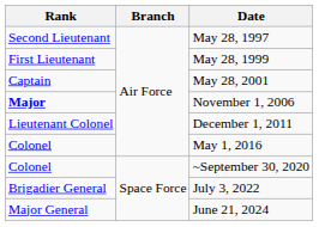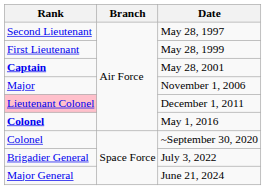 <table class="wikitable">
 <tr>
 <th>Rank</th>
 <th>Branch</th>
 <th>Date</th>
 </tr>
 <tr>
 <td> <a href='#'>Second Lieutenant</a></td>
 <td rowspan=6>Air Force</td>
 <td>May 28, 1997</td>
 </tr>
 <tr>
 <td> <a href='#'>First Lieutenant</a></td>
 <td>May 28, 1999</td>
 </tr>
 <tr>
-<td> <a href='#'>Captain</a></td>
+<td><strong> <a href='#'>Captain</a></strong></td>
 <td>May 28, 2001</td>
 </tr>
 <tr>
-<td><strong> <a href='#'>Major</a></strong></td>
+<td> <a href='#'>Major</a></td>
 <td>November 1, 2006</td>
 </tr>
 <tr>
-<td> <a href='#'>Lieutenant Colonel</a></td>
+<td style="background: pink;"> <a href='#'>Lieutenant Colonel</a></td>
 <td>December 1, 2011</td>
 </tr>
 <tr>
-<td> <a href='#'>Colonel</a></td>
+<td><strong> <a href='#'>Colonel</a></strong></td>
 <td>May 1, 2016</td>
 </tr>
 <tr>
 <td> <a href='#'>Colonel</a></td>
 <td rowspan=3>Space Force</td>
 <td>~September 30, 2020</td>
 </tr>
 <tr>
 <td> <a href='#'>Brigadier General</a></td>
 <td>July 3, 2022</td>
 </tr>
 <tr>
 <td> <a href='#'>Major General</a></td>
 <td>June 21, 2024</td>
 </tr>
 </table>
